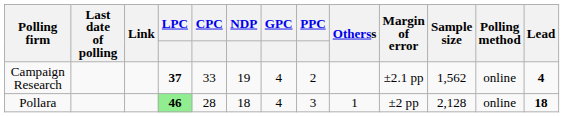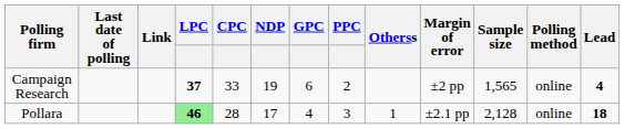 <table class="wikitable sortable mw-datatable" style="text-align:center;font-size:90%;line-height:14px;">
 <tr style="height:40px;">
 <th style="width:105px;" rowspan="2">Polling firm</th>
 <th style="width:105px;" rowspan="2">Last date<br>of polling</th>
 <th rowspan="2">Link</th>
 <th class="unsortable" style="width:40px;"><a href='#'>LPC</a></th>
 <th class="unsortable" style="width:40px;"><a href='#'>CPC</a></th>
 <th class="unsortable" style="width:40px;"><a href='#'>NDP</a></th>
 <th class="unsortable" style="width:40px;"><a href='#'>GPC</a></th>
 <th class="unsortable" style="width:40px;"><a href='#'>PPC</a></th>
 <th rowspan="2" style="width:40px"><a href='#'>Others</a>s</th>
 <th rowspan="2">Margin<br>of error</th>
 <th rowspan="2">Sample<br>size</th>
 <th rowspan="2">Polling method</th>
 <th rowspan="2">Lead</th>
 </tr>
 <tr>
 <th style="background:"></th>
 <th style="background:"></th>
 <th style="background:"></th>
 <th style="background:"></th>
 <th style="background:"></th>
 </tr>
 <tr>
 <td>Campaign Research</td>
 <td></td>
 <td></td>
 <td><strong>37</strong></td>
 <td>33</td>
 <td>19</td>
-<td>4</td>
+<td>6</td>
 <td>2</td>
 <td></td>
-<td>±2.1 pp</td>
-<td>1,562</td>
+<td>±2 pp</td>
+<td>1,565</td>
 <td>online</td>
 <td><strong>4</strong></td>
 </tr>
 <tr>
 <td>Pollara</td>
 <td></td>
 <td></td>
 <td style="background: lightgreen;"><strong>46</strong></td>
 <td>28</td>
-<td>18</td>
+<td>17</td>
 <td>4</td>
 <td>3</td>
 <td>1</td>
-<td>±2 pp</td>
+<td>±2.1 pp</td>
 <td>2,128</td>
 <td>online</td>
 <td><strong>18</strong></td>
 </tr>
 </table>
